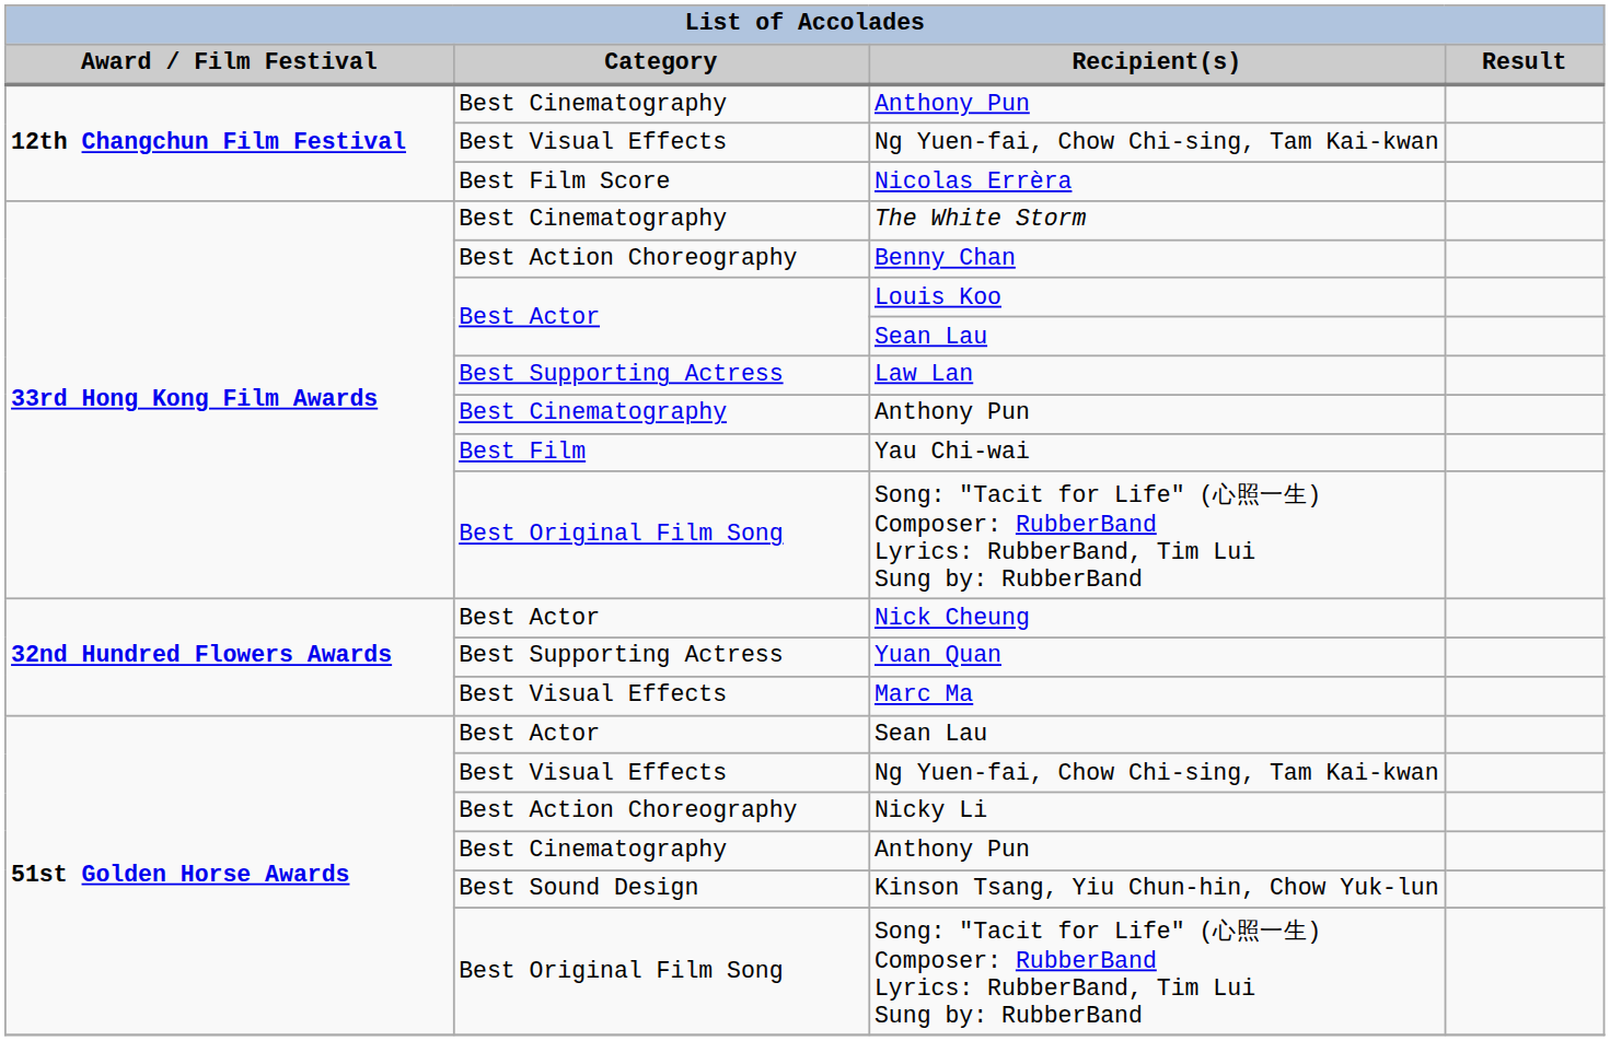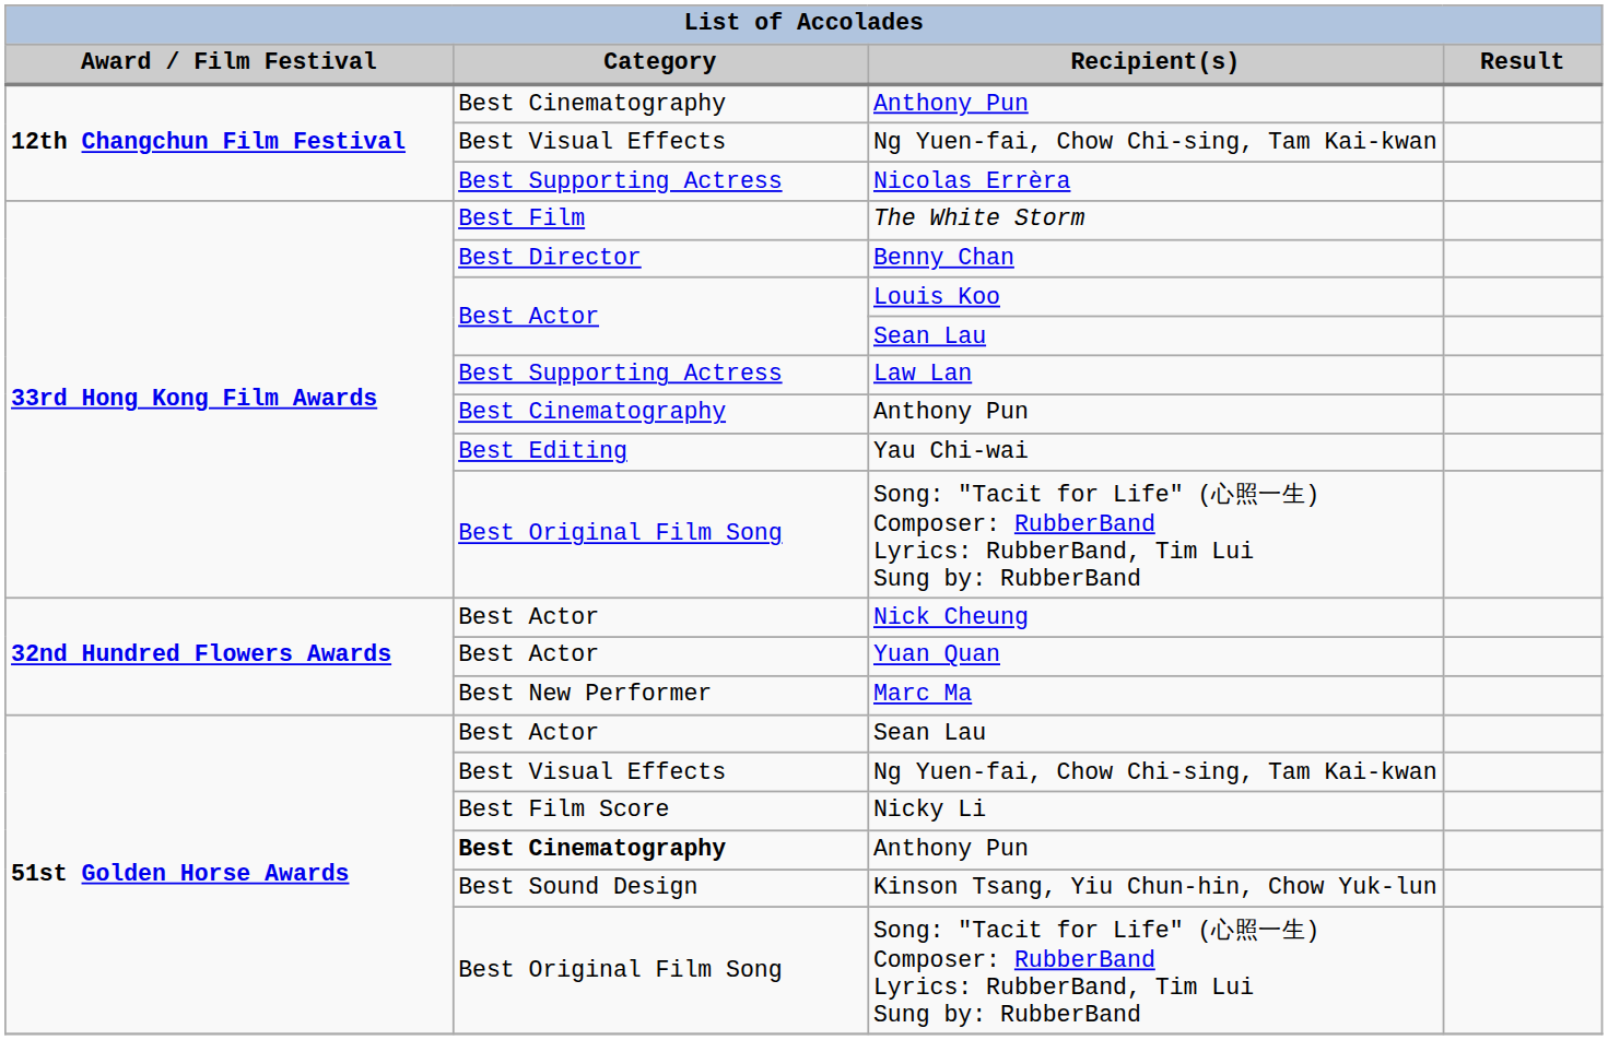 <table class=wikitable style="font-size:small;" ;>
 <tr style="text-align:center;">
 <th colspan=4 style="background:#B0C4DE;">List of Accolades</th>
 </tr>
 <tr style="text-align:center;">
 <th style="background:#ccc; width:28%;">Award / Film Festival</th>
 <th style="background:#ccc; width:26%;">Category</th>
 <th style="background:#ccc; width:36%;">Recipient(s)</th>
 <th style="background:#ccc; width:10%;">Result</th>
 </tr>
 <tr style="border-top:2px solid gray;">
 <td rowspan=3><strong>12th <a href='#'>Changchun Film Festival</a></strong></td>
 <td>Best Cinematography</td>
 <td><a href='#'>Anthony Pun</a></td>
 <td></td>
 </tr>
 <tr>
 <td>Best Visual Effects</td>
 <td>Ng Yuen-fai, Chow Chi-sing, Tam Kai-kwan</td>
 <td></td>
 </tr>
 <tr>
-<td>Best Film Score</td>
+<td><a href='#'>Best Supporting Actress</a></td>
 <td><a href='#'>Nicolas Errèra</a></td>
 <td></td>
 </tr>
 <tr>
 <td rowspan=8><strong><a href='#'>33rd Hong Kong Film Awards</a></strong></td>
-<td>Best Cinematography</td>
+<td><a href='#'>Best Film</a></td>
 <td><em>The White Storm</em></td>
 <td></td>
 </tr>
 <tr>
-<td>Best Action Choreography</td>
+<td><a href='#'>Best Director</a></td>
 <td><a href='#'>Benny Chan</a></td>
 <td></td>
 </tr>
 <tr>
 <td rowspan=2><a href='#'>Best Actor</a></td>
 <td><a href='#'>Louis Koo</a></td>
 <td></td>
 </tr>
 <tr>
 <td><a href='#'>Sean Lau</a></td>
 <td></td>
 </tr>
 <tr>
 <td><a href='#'>Best Supporting Actress</a></td>
 <td><a href='#'>Law Lan</a></td>
 <td></td>
 </tr>
 <tr>
 <td><a href='#'>Best Cinematography</a></td>
 <td>Anthony Pun</td>
 <td></td>
 </tr>
 <tr>
-<td><a href='#'>Best Film</a></td>
+<td><a href='#'>Best Editing</a></td>
 <td>Yau Chi-wai</td>
 <td></td>
 </tr>
 <tr>
 <td><a href='#'>Best Original Film Song</a></td>
 <td>Song: "Tacit for Life" (心照一生)<br>Composer: <a href='#'>RubberBand</a> <br>Lyrics: RubberBand, Tim Lui <br>Sung by: RubberBand</td>
 <td></td>
 </tr>
 <tr>
 <td rowspan=3><strong><a href='#'>32nd Hundred Flowers Awards</a></strong></td>
 <td>Best Actor</td>
 <td><a href='#'>Nick Cheung</a></td>
 <td></td>
 </tr>
 <tr>
-<td>Best Supporting Actress</td>
+<td>Best Actor</td>
 <td><a href='#'>Yuan Quan</a></td>
 <td></td>
 </tr>
 <tr>
-<td>Best Visual Effects</td>
+<td>Best New Performer</td>
 <td><a href='#'>Marc Ma</a></td>
 <td></td>
 </tr>
 <tr>
 <td rowspan=6><strong>51st <a href='#'>Golden Horse Awards</a></strong></td>
 <td>Best Actor</td>
 <td>Sean Lau</td>
 <td></td>
 </tr>
 <tr>
 <td>Best Visual Effects</td>
 <td>Ng Yuen-fai, Chow Chi-sing, Tam Kai-kwan</td>
 <td></td>
 </tr>
 <tr>
-<td>Best Action Choreography</td>
+<td>Best Film Score</td>
 <td>Nicky Li</td>
 <td></td>
 </tr>
 <tr>
-<td>Best Cinematography</td>
+<td><strong>Best Cinematography</strong></td>
 <td>Anthony Pun</td>
 <td></td>
 </tr>
 <tr>
 <td>Best Sound Design</td>
 <td>Kinson Tsang, Yiu Chun-hin, Chow Yuk-lun</td>
 <td></td>
 </tr>
 <tr>
 <td>Best Original Film Song</td>
 <td>Song: "Tacit for Life" (心照一生)<br>Composer: <a href='#'>RubberBand</a> <br>Lyrics: RubberBand, Tim Lui <br>Sung by: RubberBand</td>
 <td></td>
 </tr>
 <tr>
 </tr>
 </table>
